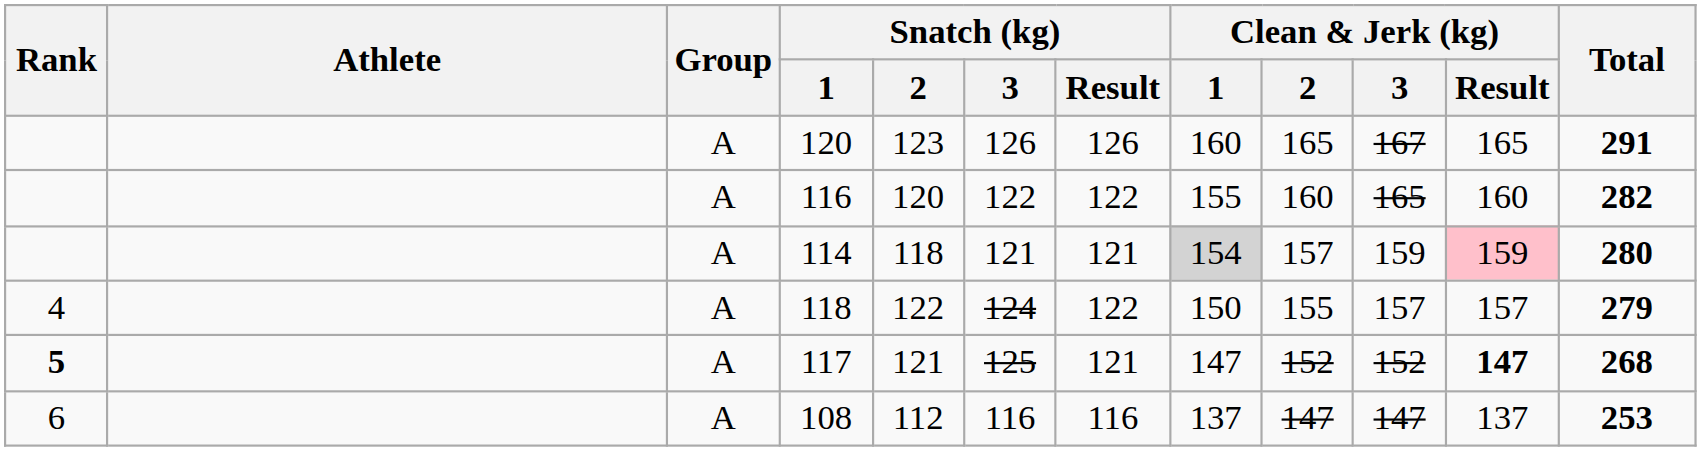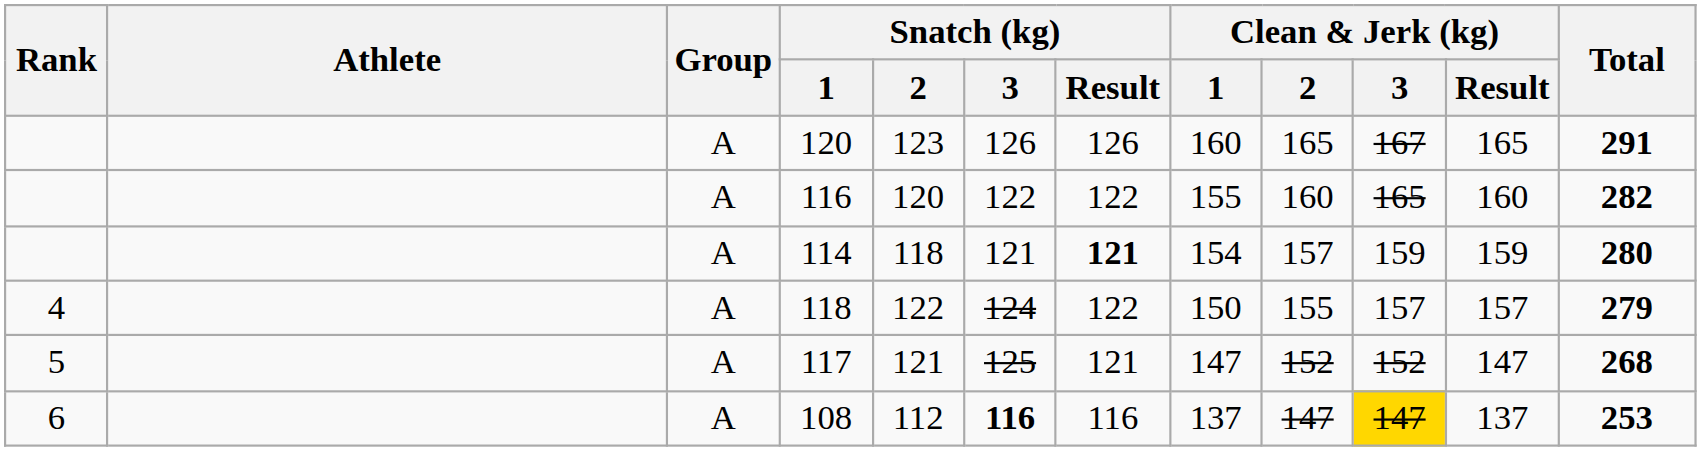 <table class = "wikitable" style="text-align:center;">
 <tr>
 <th rowspan=2 width=40>Rank</th>
 <th rowspan=2 width=250>Athlete</th>
 <th rowspan=2 width=40>Group</th>
 <th colspan=4>Snatch (kg)</th>
 <th colspan=4>Clean & Jerk (kg)</th>
 <th rowspan=2 width=55>Total</th>
 </tr>
 <tr>
 <th width=35>1</th>
 <th width=35>2</th>
 <th width=35>3</th>
 <th width=45>Result</th>
 <th width=35>1</th>
 <th width=35>2</th>
 <th width=35>3</th>
 <th width=45>Result</th>
 </tr>
 <tr>
 <td></td>
 <td align=left></td>
 <td>A</td>
 <td>120</td>
 <td>123</td>
 <td>126</td>
 <td>126</td>
 <td>160</td>
 <td>165</td>
 <td><s>167</s></td>
 <td>165</td>
 <td><strong>291</strong></td>
 </tr>
 <tr>
 <td></td>
 <td align=left></td>
 <td>A</td>
 <td>116</td>
 <td>120</td>
 <td>122</td>
 <td>122</td>
 <td>155</td>
 <td>160</td>
 <td><s>165</s></td>
 <td>160</td>
 <td><strong>282</strong></td>
 </tr>
 <tr>
 <td></td>
 <td align=left></td>
 <td>A</td>
 <td>114</td>
 <td>118</td>
 <td>121</td>
-<td>121</td>
-<td style="background: lightgrey;">154</td>
+<td><strong>121</strong></td>
+<td>154</td>
 <td>157</td>
 <td>159</td>
-<td style="background: pink;">159</td>
+<td>159</td>
 <td><strong>280</strong></td>
 </tr>
 <tr>
 <td>4</td>
 <td align=left></td>
 <td>A</td>
 <td>118</td>
 <td>122</td>
 <td><s>124</s></td>
 <td>122</td>
 <td>150</td>
 <td>155</td>
 <td>157</td>
 <td>157</td>
 <td><strong>279</strong></td>
 </tr>
 <tr>
-<td><strong>5</strong></td>
+<td>5</td>
 <td align=left></td>
 <td>A</td>
 <td>117</td>
 <td>121</td>
 <td><s>125</s></td>
 <td>121</td>
 <td>147</td>
 <td><s>152</s></td>
 <td><s>152</s></td>
-<td><strong>147</strong></td>
+<td>147</td>
 <td><strong>268</strong></td>
 </tr>
 <tr>
 <td>6</td>
 <td align=left></td>
 <td>A</td>
 <td>108</td>
 <td>112</td>
-<td>116</td>
+<td><strong>116</strong></td>
 <td>116</td>
 <td>137</td>
 <td><s>147</s></td>
-<td><s>147</s></td>
+<td style="background: gold;"><s>147</s></td>
 <td>137</td>
 <td><strong>253</strong></td>
 </tr>
 </table>
